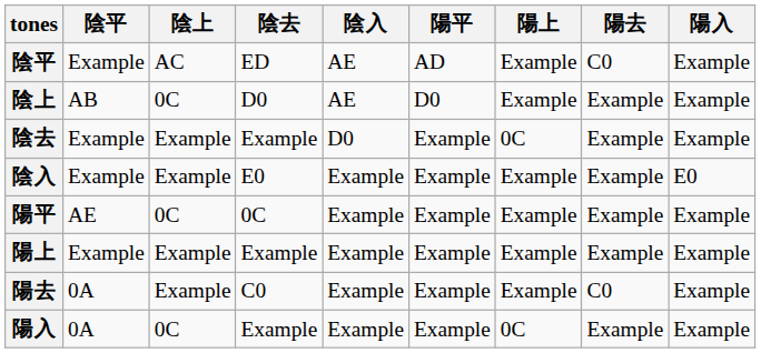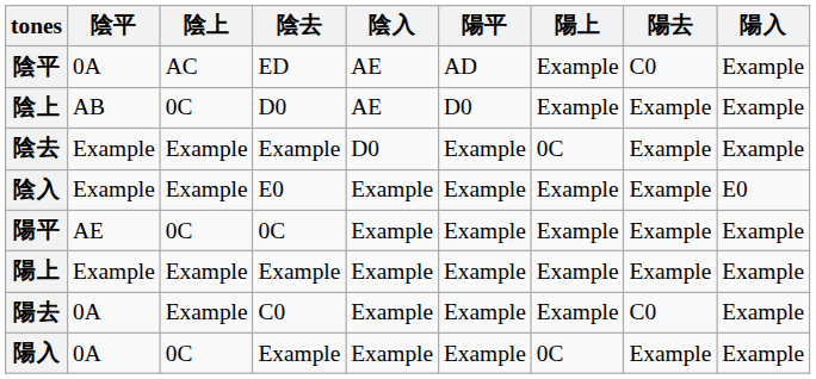 <table class="wikitable">
 <tr>
 <th>tones</th>
 <th>陰平</th>
 <th>陰上</th>
 <th>陰去</th>
 <th>陰入</th>
 <th>陽平</th>
 <th>陽上</th>
 <th>陽去</th>
 <th>陽入</th>
 </tr>
 <tr>
 <th>陰平</th>
-<td>Example</td>
+<td>0A</td>
 <td>AC</td>
 <td>ED</td>
 <td>AE</td>
 <td>AD</td>
 <td>Example</td>
 <td>C0</td>
 <td>Example</td>
 </tr>
 <tr>
 <th>陰上</th>
 <td>AB</td>
 <td>0C</td>
 <td>D0</td>
 <td>AE</td>
 <td>D0</td>
 <td>Example</td>
 <td>Example</td>
 <td>Example</td>
 </tr>
 <tr>
 <th>陰去</th>
 <td>Example</td>
 <td>Example</td>
 <td>Example</td>
 <td>D0</td>
 <td>Example</td>
 <td>0C</td>
 <td>Example</td>
 <td>Example</td>
 </tr>
 <tr>
 <th>陰入</th>
 <td>Example</td>
 <td>Example</td>
 <td>E0</td>
 <td>Example</td>
 <td>Example</td>
 <td>Example</td>
 <td>Example</td>
 <td>E0</td>
 </tr>
 <tr>
 <th>陽平</th>
 <td>AE</td>
 <td>0C</td>
 <td>0C</td>
 <td>Example</td>
 <td>Example</td>
 <td>Example</td>
 <td>Example</td>
 <td>Example</td>
 </tr>
 <tr>
 <th>陽上</th>
 <td>Example</td>
 <td>Example</td>
 <td>Example</td>
 <td>Example</td>
 <td>Example</td>
 <td>Example</td>
 <td>Example</td>
 <td>Example</td>
 </tr>
 <tr>
 <th>陽去</th>
 <td>0A</td>
 <td>Example</td>
 <td>C0</td>
 <td>Example</td>
 <td>Example</td>
 <td>Example</td>
 <td>C0</td>
 <td>Example</td>
 </tr>
 <tr>
 <th>陽入</th>
 <td>0A</td>
 <td>0C</td>
 <td>Example</td>
 <td>Example</td>
 <td>Example</td>
 <td>0C</td>
 <td>Example</td>
 <td>Example</td>
 </tr>
 </table>
